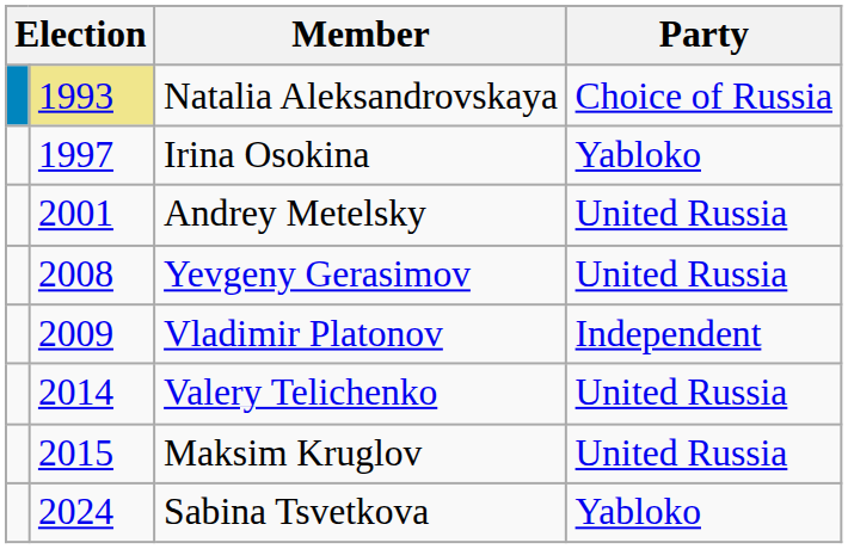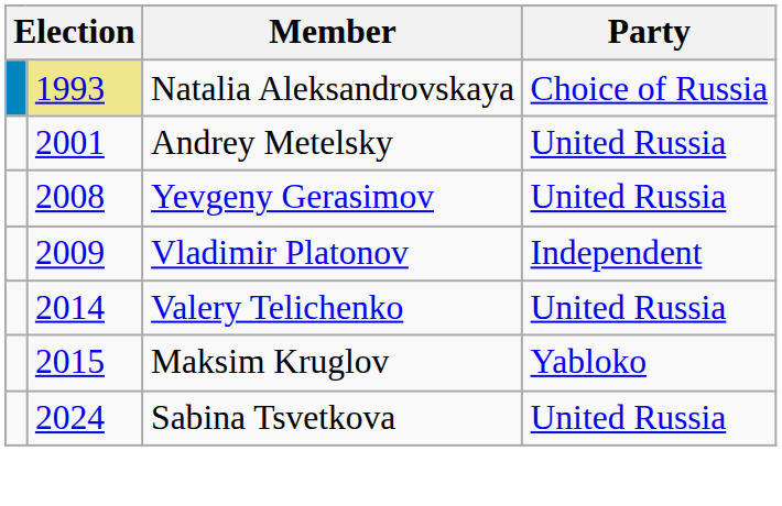 <table class="wikitable">
 <tr>
 <th colspan="2">Election</th>
 <th>Member</th>
 <th>Party</th>
 </tr>
 <tr>
 <td style="background-color:#0085BE"></td>
 <td style="background: khaki;"><a href='#'>1993</a></td>
 <td>Natalia Aleksandrovskaya</td>
 <td><a href='#'>Choice of Russia</a></td>
-</tr>
-<tr>
-<td style="background-color:"></td>
-<td><a href='#'>1997</a></td>
-<td>Irina Osokina</td>
-<td><a href='#'>Yabloko</a></td>
 </tr>
 <tr>
 <td style="background-color:"></td>
 <td><a href='#'>2001</a></td>
 <td>Andrey Metelsky</td>
 <td><a href='#'>United Russia</a></td>
 </tr>
 <tr>
 <td style="background-color:"></td>
 <td><a href='#'>2008</a></td>
 <td><a href='#'>Yevgeny Gerasimov</a></td>
 <td><a href='#'>United Russia</a></td>
 </tr>
 <tr>
 <td style="background-color:"></td>
 <td><a href='#'>2009</a></td>
 <td><a href='#'>Vladimir Platonov</a></td>
 <td><a href='#'>Independent</a></td>
 </tr>
 <tr>
 <td style="background-color:"></td>
 <td><a href='#'>2014</a></td>
 <td><a href='#'>Valery Telichenko</a></td>
 <td><a href='#'>United Russia</a></td>
 </tr>
 <tr>
 <td style="background-color:"></td>
 <td><a href='#'>2015</a></td>
 <td>Maksim Kruglov</td>
-<td><a href='#'>United Russia</a></td>
+<td><a href='#'>Yabloko</a></td>
 </tr>
 <tr>
 <td style="background-color:"></td>
 <td><a href='#'>2024</a></td>
 <td>Sabina Tsvetkova</td>
-<td><a href='#'>Yabloko</a></td>
+<td><a href='#'>United Russia</a></td>
 </tr>
 </table>
